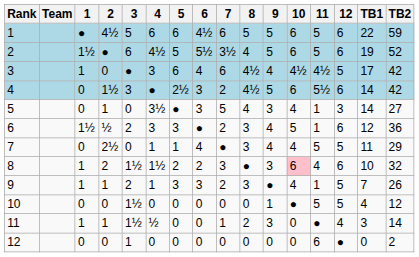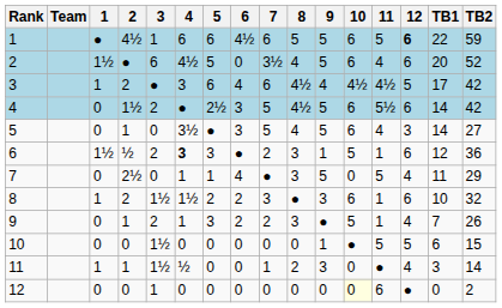 <table class="wikitable">
 <tr>
 <th>Rank</th>
 <th>Team</th>
 <th style="width:1.5em;">1</th>
 <th style="width:1.5em;">2</th>
 <th style="width:1.5em;">3</th>
 <th style="width:1.5em;">4</th>
 <th style="width:1.5em;">5</th>
 <th style="width:1.5em;">6</th>
 <th style="width:1.5em;">7</th>
 <th style="width:1.5em;">8</th>
 <th style="width:1.5em;">9</th>
 <th style="width:1.5em;">10</th>
 <th style="width:1.5em;">11</th>
 <th style="width:1.5em;">12</th>
 <th>TB1</th>
 <th>TB2</th>
 </tr>
 <tr style="background:lightblue">
 <td>1</td>
 <td></td>
 <td>●</td>
 <td>4½</td>
-<td>5</td>
+<td>1</td>
 <td>6</td>
 <td>6</td>
 <td>4½</td>
 <td>6</td>
 <td>5</td>
 <td>5</td>
 <td>6</td>
 <td>5</td>
-<td>6</td>
+<td><strong>6</strong></td>
 <td>22</td>
 <td>59</td>
 </tr>
 <tr style="background:lightblue">
 <td>2</td>
 <td></td>
 <td>1½</td>
 <td>●</td>
 <td>6</td>
 <td>4½</td>
 <td>5</td>
-<td>5½</td>
+<td>0</td>
 <td>3½</td>
 <td>4</td>
 <td>5</td>
 <td>6</td>
-<td>5</td>
+<td>4</td>
 <td>6</td>
-<td>19</td>
+<td>20</td>
 <td>52</td>
 </tr>
 <tr style="background:lightblue">
 <td>3</td>
 <td></td>
 <td>1</td>
-<td>0</td>
+<td>2</td>
 <td>●</td>
 <td>3</td>
 <td>6</td>
 <td>4</td>
 <td>6</td>
 <td>4½</td>
 <td>4</td>
 <td>4½</td>
 <td>4½</td>
 <td>5</td>
 <td>17</td>
 <td>42</td>
 </tr>
 <tr style="background:lightblue">
 <td>4</td>
 <td></td>
 <td>0</td>
 <td>1½</td>
-<td>3</td>
+<td>2</td>
 <td>●</td>
 <td>2½</td>
 <td>3</td>
-<td>2</td>
+<td>5</td>
 <td>4½</td>
 <td>5</td>
 <td>6</td>
 <td>5½</td>
 <td>6</td>
 <td>14</td>
 <td>42</td>
 </tr>
 <tr>
 <td>5</td>
 <td></td>
 <td>0</td>
 <td>1</td>
 <td>0</td>
 <td>3½</td>
 <td>●</td>
 <td>3</td>
 <td>5</td>
 <td>4</td>
-<td>3</td>
+<td>5</td>
+<td>6</td>
 <td>4</td>
-<td>1</td>
 <td>3</td>
 <td>14</td>
 <td>27</td>
 </tr>
 <tr>
 <td>6</td>
 <td></td>
 <td>1½</td>
 <td>½</td>
 <td>2</td>
-<td>3</td>
+<td><strong>3</strong></td>
 <td>3</td>
 <td>●</td>
 <td>2</td>
 <td>3</td>
-<td>4</td>
+<td>1</td>
 <td>5</td>
 <td>1</td>
 <td>6</td>
 <td>12</td>
 <td>36</td>
 </tr>
 <tr>
 <td>7</td>
 <td></td>
 <td>0</td>
 <td>2½</td>
 <td>0</td>
 <td>1</td>
 <td>1</td>
 <td>4</td>
 <td>●</td>
 <td>3</td>
+<td>5</td>
+<td>0</td>
+<td>5</td>
 <td>4</td>
-<td>4</td>
-<td>5</td>
-<td>5</td>
 <td>11</td>
 <td>29</td>
 </tr>
 <tr>
 <td>8</td>
 <td></td>
 <td>1</td>
 <td>2</td>
 <td>1½</td>
 <td>1½</td>
 <td>2</td>
 <td>2</td>
 <td>3</td>
 <td>●</td>
 <td>3</td>
-<td style="background: pink;">6</td>
-<td>4</td>
+<td>6</td>
+<td>1</td>
 <td>6</td>
 <td>10</td>
 <td>32</td>
 </tr>
 <tr>
 <td>9</td>
 <td></td>
-<td>1</td>
+<td>0</td>
 <td>1</td>
 <td>2</td>
 <td>1</td>
 <td>3</td>
-<td>3</td>
+<td>2</td>
 <td>2</td>
 <td>3</td>
 <td>●</td>
+<td>5</td>
+<td>1</td>
 <td>4</td>
-<td>1</td>
-<td>5</td>
 <td>7</td>
 <td>26</td>
 </tr>
 <tr>
 <td>10</td>
 <td></td>
 <td>0</td>
 <td>0</td>
 <td>1½</td>
 <td>0</td>
 <td>0</td>
 <td>0</td>
 <td>0</td>
 <td>0</td>
 <td>1</td>
 <td>●</td>
 <td>5</td>
 <td>5</td>
-<td>4</td>
-<td>12</td>
+<td>6</td>
+<td>15</td>
 </tr>
 <tr>
 <td>11</td>
 <td></td>
 <td>1</td>
 <td>1</td>
 <td>1½</td>
 <td>½</td>
 <td>0</td>
 <td>0</td>
 <td>1</td>
 <td>2</td>
 <td>3</td>
 <td>0</td>
 <td>●</td>
 <td>4</td>
 <td>3</td>
 <td>14</td>
 </tr>
 <tr>
 <td>12</td>
 <td></td>
 <td>0</td>
 <td>0</td>
 <td>1</td>
 <td>0</td>
 <td>0</td>
 <td>0</td>
 <td>0</td>
 <td>0</td>
 <td>0</td>
-<td>0</td>
+<td style="background: lightyellow;">0</td>
 <td>6</td>
 <td>●</td>
 <td>0</td>
 <td>2</td>
 </tr>
 </table>
